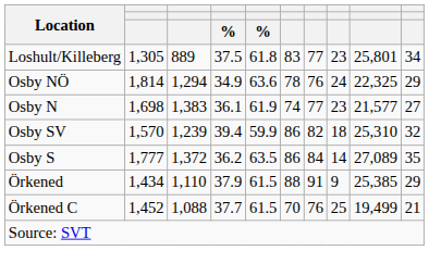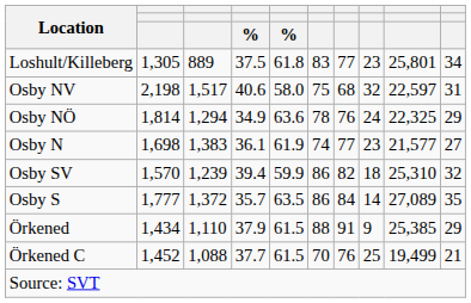 <table role="presentation" class="wikitable sortable mw-collapsible">
 <tr>
 <th rowspan="3">Location</th>
 <th></th>
 <th></th>
 <th></th>
 <th></th>
 <th></th>
 <th></th>
 <th></th>
 <th></th>
 <th></th>
 </tr>
 <tr>
 <th></th>
 <th></th>
 <th style="background:"></th>
 <th style="background:"></th>
 <th></th>
 <th></th>
 <th></th>
 <th></th>
 <th></th>
 </tr>
 <tr>
 <th data-sort-type="number"></th>
 <th data-sort-type="number"></th>
 <th data-sort-type="number">%</th>
 <th data-sort-type="number">%</th>
 <th data-sort-type="number"></th>
 <th data-sort-type="number"></th>
 <th data-sort-type="number"></th>
 <th data-sort-type="number"></th>
 <th data-sort-type="number"></th>
 </tr>
 <tr>
 <td align="left">Loshult/Killeberg</td>
 <td>1,305</td>
 <td>889</td>
 <td>37.5</td>
 <td>61.8</td>
 <td>83</td>
 <td>77</td>
 <td>23</td>
 <td>25,801</td>
 <td>34</td>
 </tr>
 <tr>
+<td align="left">Osby NV</td>
+<td>2,198</td>
+<td>1,517</td>
+<td>40.6</td>
+<td>58.0</td>
+<td>75</td>
+<td>68</td>
+<td>32</td>
+<td>22,597</td>
+<td>31</td>
+</tr>
+<tr>
 <td align="left">Osby NÖ</td>
 <td>1,814</td>
 <td>1,294</td>
 <td>34.9</td>
 <td>63.6</td>
 <td>78</td>
 <td>76</td>
 <td>24</td>
 <td>22,325</td>
 <td>29</td>
 </tr>
 <tr>
 <td align="left">Osby N</td>
 <td>1,698</td>
 <td>1,383</td>
 <td>36.1</td>
 <td>61.9</td>
 <td>74</td>
 <td>77</td>
 <td>23</td>
 <td>21,577</td>
 <td>27</td>
 </tr>
 <tr>
 <td align="left">Osby SV</td>
 <td>1,570</td>
 <td>1,239</td>
 <td>39.4</td>
 <td>59.9</td>
 <td>86</td>
 <td>82</td>
 <td>18</td>
 <td>25,310</td>
 <td>32</td>
 </tr>
 <tr>
 <td align="left">Osby S</td>
 <td>1,777</td>
 <td>1,372</td>
-<td>36.2</td>
+<td>35.7</td>
 <td>63.5</td>
 <td>86</td>
 <td>84</td>
 <td>14</td>
 <td>27,089</td>
 <td>35</td>
 </tr>
 <tr>
 <td align="left">Örkened</td>
 <td>1,434</td>
 <td>1,110</td>
 <td>37.9</td>
 <td>61.5</td>
 <td>88</td>
 <td>91</td>
 <td>9</td>
 <td>25,385</td>
 <td>29</td>
 </tr>
 <tr>
 <td align="left">Örkened C</td>
 <td>1,452</td>
 <td>1,088</td>
 <td>37.7</td>
 <td>61.5</td>
 <td>70</td>
 <td>76</td>
 <td>25</td>
 <td>19,499</td>
 <td>21</td>
 </tr>
 <tr>
 <td colspan="10" align="left">Source: <a href='#'>SVT</a></td>
 </tr>
 </table>
